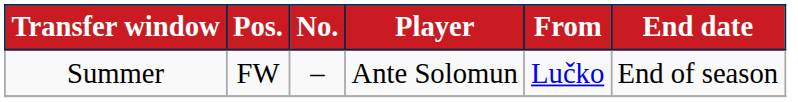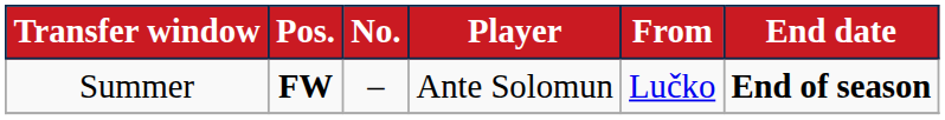 <table class="wikitable plainrowheaders sortable">
 <tr>
 <th style="background-color:#CA1A22;color:white;border:1px solid #06284B">Transfer window</th>
 <th style="background-color:#CA1A22;color:white;border:1px solid #06284B">Pos.</th>
 <th style="background-color:#CA1A22;color:white;border:1px solid #06284B">No.</th>
 <th style="background-color:#CA1A22;color:white;border:1px solid #06284B">Player</th>
 <th style="background-color:#CA1A22;color:white;border:1px solid #06284B">From</th>
 <th style="background-color:#CA1A22;color:white;border:1px solid #06284B">End date</th>
 </tr>
 <tr>
 <td style="text-align:center;">Summer</td>
-<td style=text-align:center;>FW</td>
+<td style=text-align:center;><strong>FW</strong></td>
 <td style=text-align:center;>–</td>
 <td style=text-align:left;> Ante Solomun</td>
 <td style=text-align:left;> <a href='#'>Lučko</a></td>
-<td style=text-align:center;>End of season</td>
+<td style=text-align:center;><strong>End of season</strong></td>
 </tr>
 <tr>
 </tr>
 </table>
